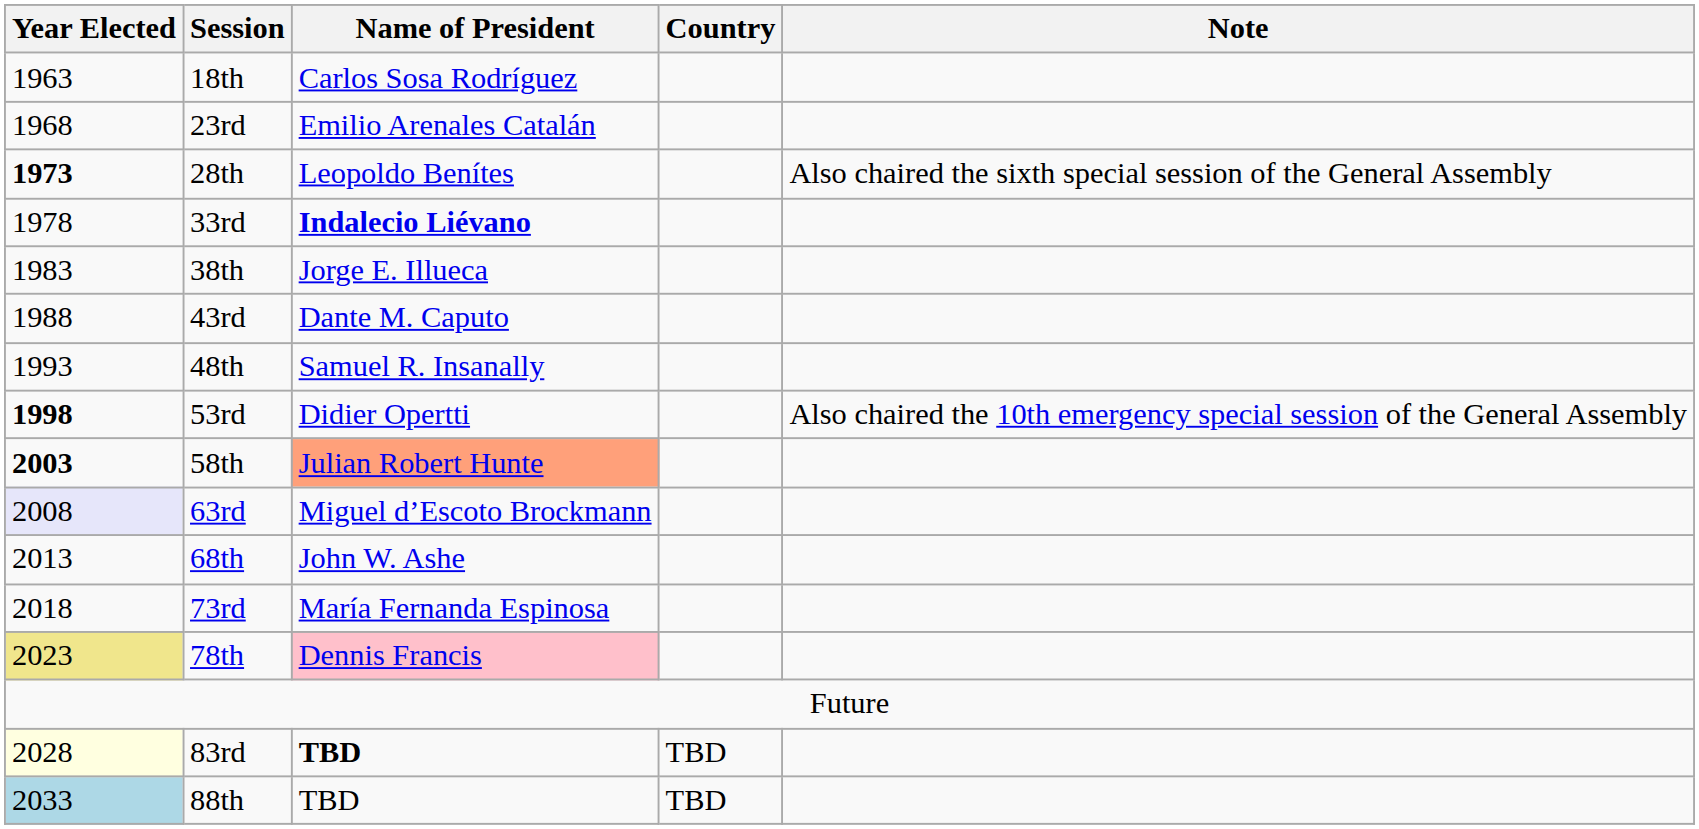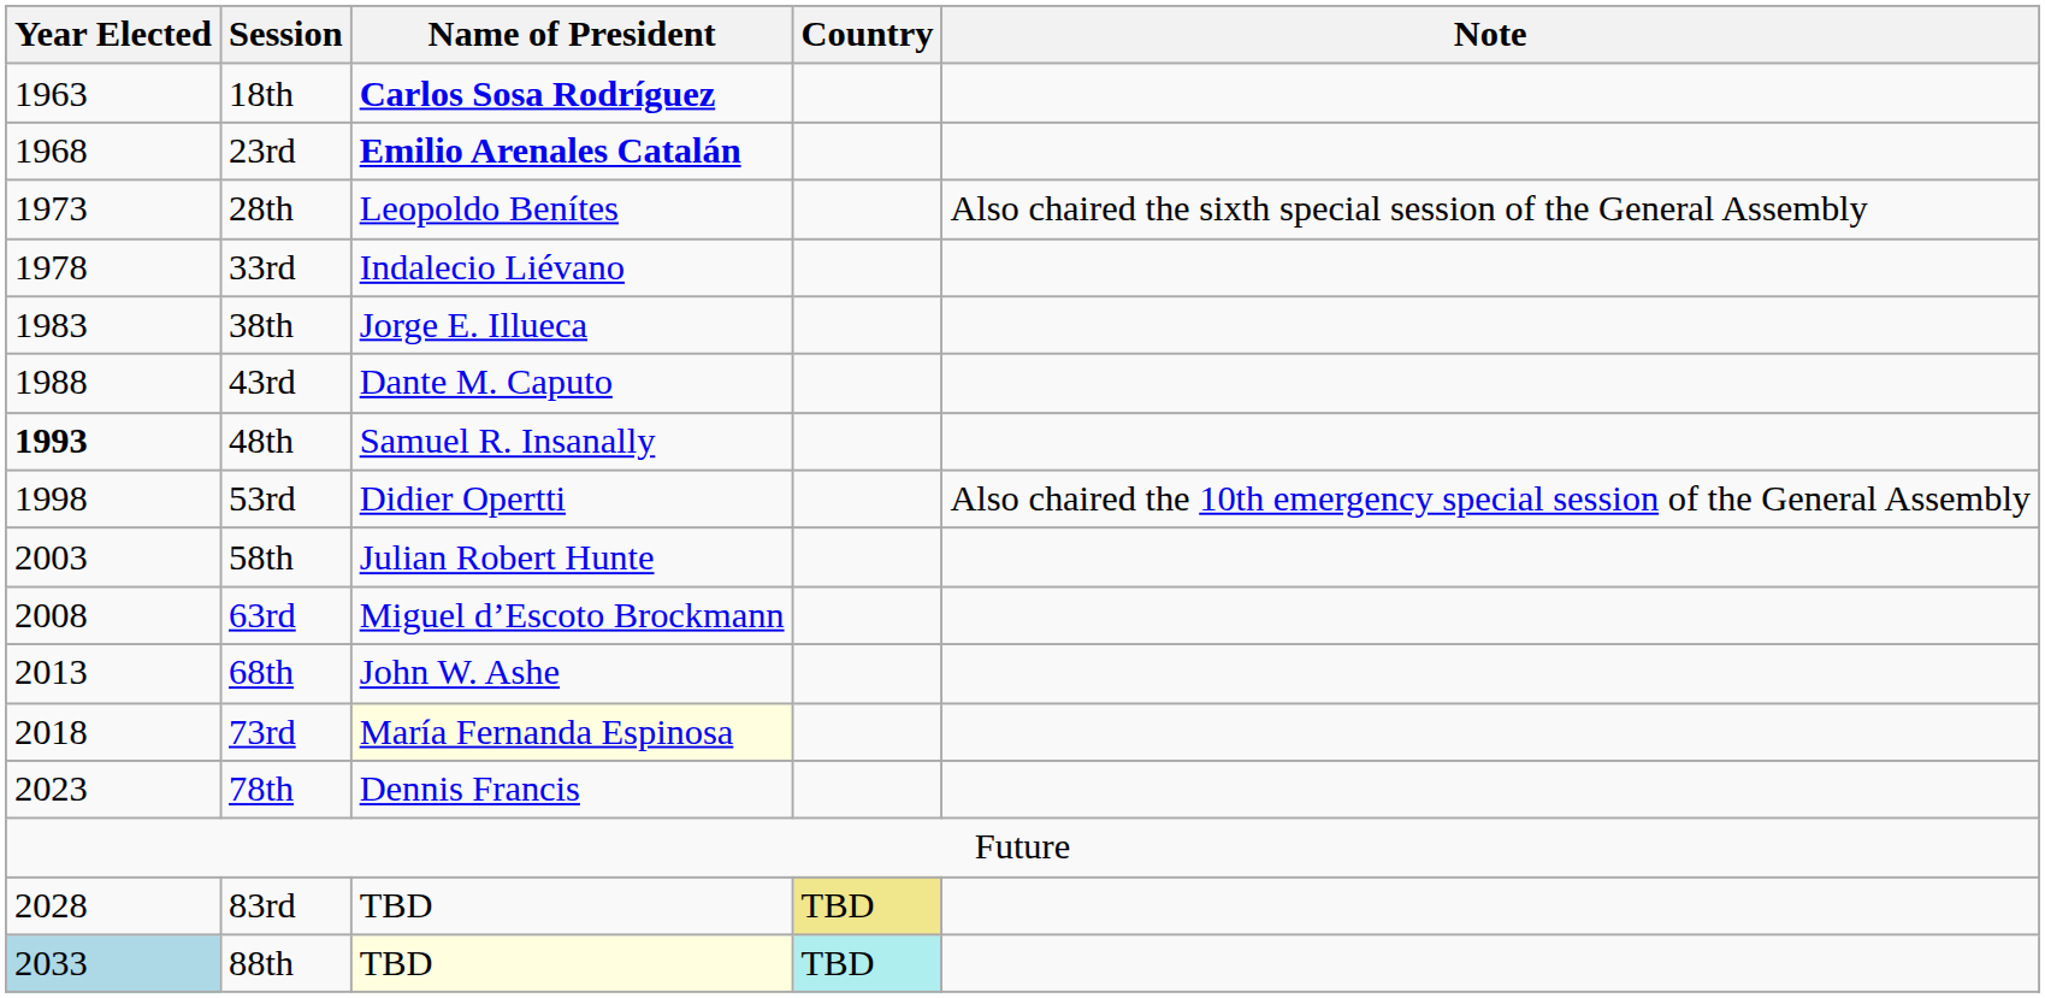 <table class="wikitable sortable">
 <tr>
 <th>Year Elected</th>
 <th>Session</th>
 <th>Name of President</th>
 <th>Country</th>
 <th>Note</th>
 </tr>
 <tr>
 <td>1963</td>
 <td>18th</td>
-<td><a href='#'>Carlos Sosa Rodríguez</a></td>
+<td><strong><a href='#'>Carlos Sosa Rodríguez</a></strong></td>
 <td></td>
 <td></td>
 </tr>
 <tr>
 <td>1968</td>
 <td>23rd</td>
-<td><a href='#'>Emilio Arenales Catalán</a></td>
+<td><strong><a href='#'>Emilio Arenales Catalán</a></strong></td>
 <td></td>
 <td></td>
 </tr>
 <tr>
-<td><strong>1973</strong></td>
+<td>1973</td>
 <td>28th</td>
 <td><a href='#'>Leopoldo Benítes</a></td>
 <td></td>
 <td>Also chaired the sixth special session of the General Assembly</td>
 </tr>
 <tr>
 <td>1978</td>
 <td>33rd</td>
-<td><strong><a href='#'>Indalecio Liévano</a></strong></td>
+<td><a href='#'>Indalecio Liévano</a></td>
 <td></td>
 <td></td>
 </tr>
 <tr>
 <td>1983</td>
 <td>38th</td>
 <td><a href='#'>Jorge E. Illueca</a></td>
 <td></td>
 <td></td>
 </tr>
 <tr>
 <td>1988</td>
 <td>43rd</td>
 <td><a href='#'>Dante M. Caputo</a></td>
 <td></td>
 <td></td>
 </tr>
 <tr>
-<td>1993</td>
+<td><strong>1993</strong></td>
 <td>48th</td>
 <td><a href='#'>Samuel R. Insanally</a></td>
 <td></td>
 <td></td>
 </tr>
 <tr>
-<td><strong>1998</strong></td>
+<td>1998</td>
 <td>53rd</td>
 <td><a href='#'>Didier Opertti</a></td>
 <td></td>
 <td>Also chaired the <a href='#'>10th emergency special session</a> of the General Assembly</td>
 </tr>
 <tr>
-<td><strong>2003</strong></td>
+<td>2003</td>
 <td>58th</td>
-<td style="background: lightsalmon;"><a href='#'>Julian Robert Hunte</a></td>
+<td><a href='#'>Julian Robert Hunte</a></td>
 <td></td>
 <td></td>
 </tr>
 <tr>
-<td style="background: lavender;">2008</td>
+<td>2008</td>
 <td><a href='#'>63rd</a></td>
 <td><a href='#'>Miguel d’Escoto Brockmann</a></td>
 <td></td>
 <td></td>
 </tr>
 <tr>
 <td>2013</td>
 <td><a href='#'>68th</a></td>
 <td><a href='#'>John W. Ashe</a></td>
 <td></td>
 <td></td>
 </tr>
 <tr>
 <td>2018</td>
 <td><a href='#'>73rd</a></td>
-<td><a href='#'>María Fernanda Espinosa</a></td>
+<td style="background: lightyellow;"><a href='#'>María Fernanda Espinosa</a></td>
 <td></td>
 <td></td>
 </tr>
 <tr>
-<td style="background: khaki;">2023</td>
+<td>2023</td>
 <td><a href='#'>78th</a></td>
-<td style="background: pink;"><a href='#'>Dennis Francis</a></td>
+<td><a href='#'>Dennis Francis</a></td>
 <td></td>
 <td></td>
 </tr>
 <tr>
 <td colspan="5" style="text-align: center;">Future</td>
 </tr>
 <tr>
-<td style="background: lightyellow;">2028</td>
+<td>2028</td>
 <td>83rd</td>
-<td><strong>TBD</strong></td>
 <td>TBD</td>
+<td style="background: khaki;">TBD</td>
 <td></td>
 </tr>
 <tr>
 <td style="background: lightblue;">2033</td>
 <td>88th</td>
-<td>TBD</td>
-<td>TBD</td>
+<td style="background: lightyellow;">TBD</td>
+<td style="background: paleturquoise;">TBD</td>
 <td></td>
 </tr>
 </table>
